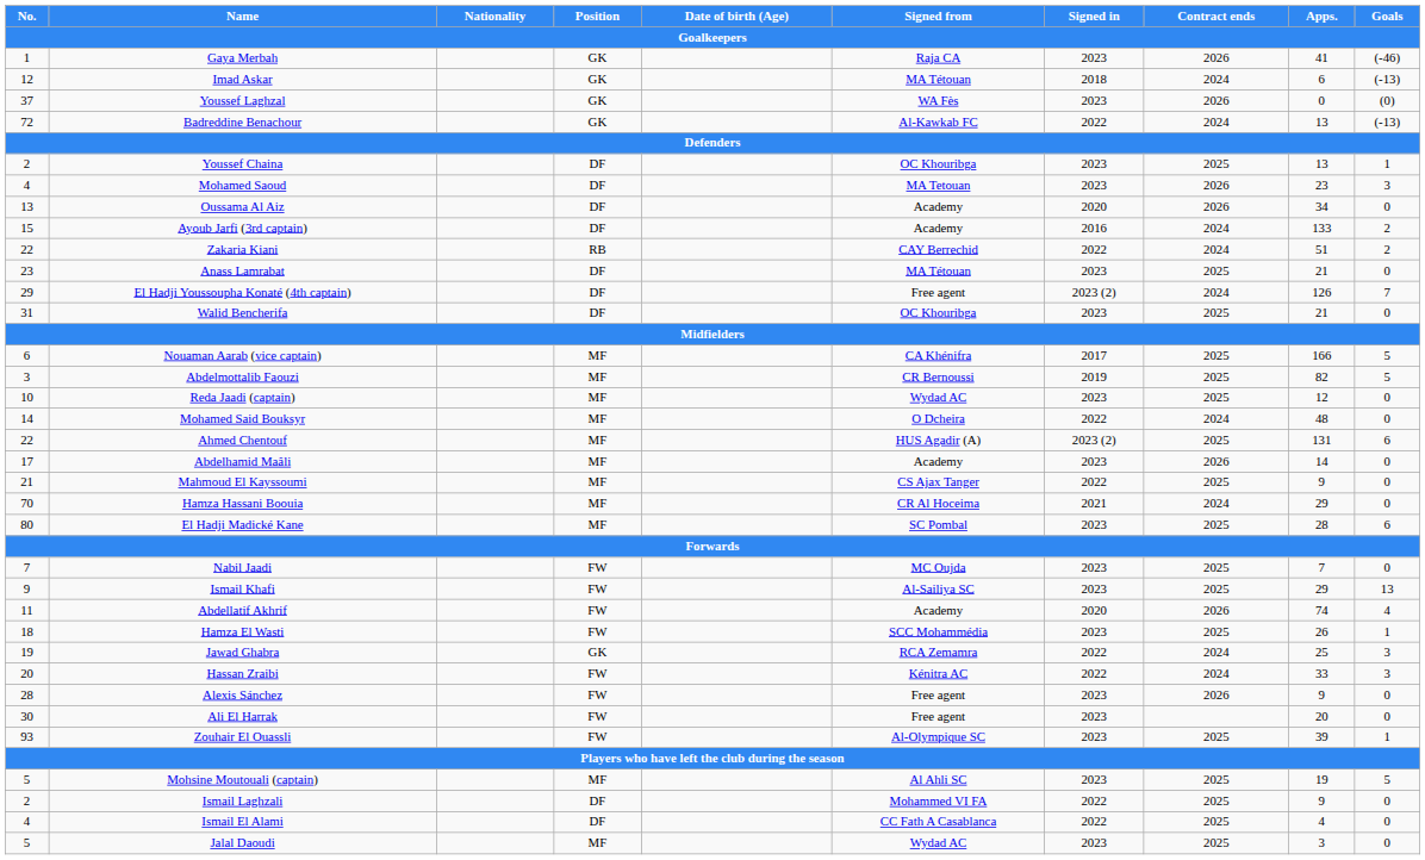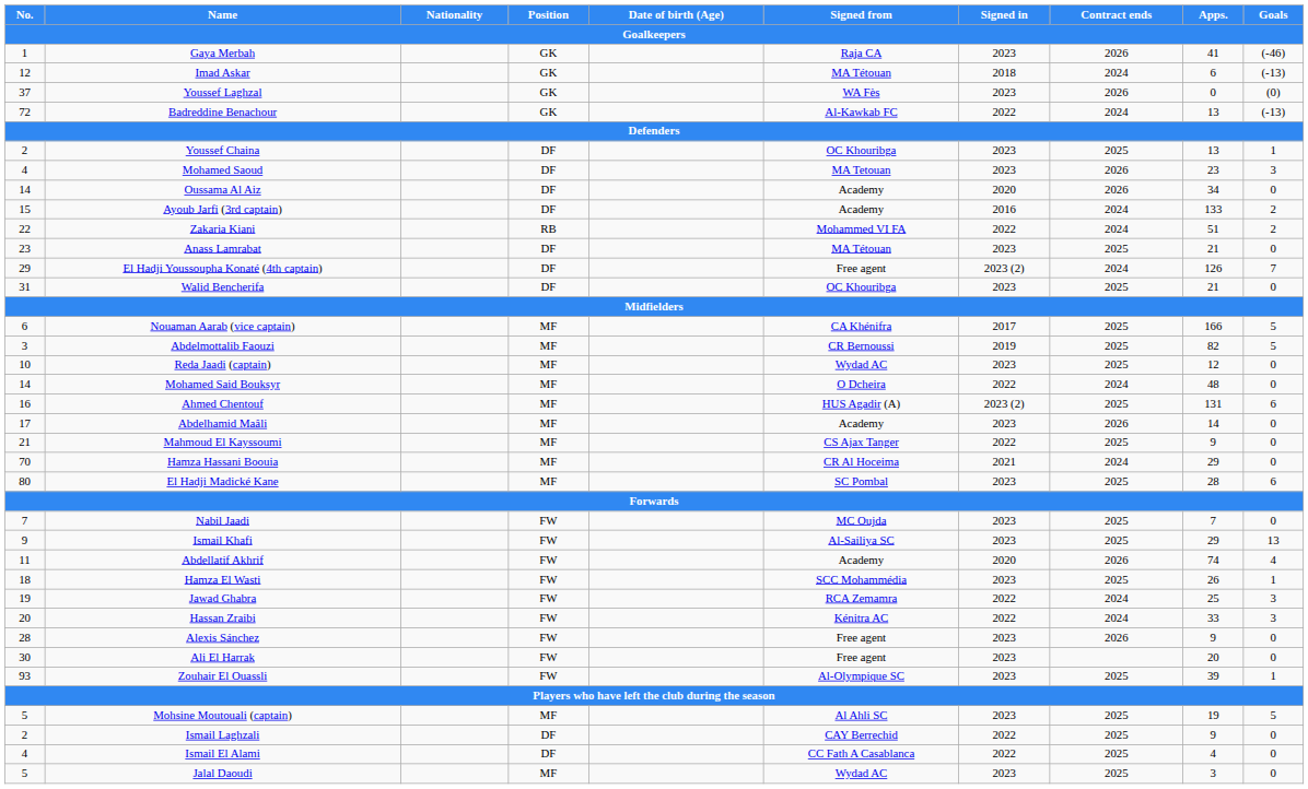 <table class="wikitable sortable"  style="text-align:center; font-size:90%; width:100%;">
 <tr>
 <th style="background:#3088f2; color:#ffffff; ">No.</th>
 <th style="background:#3088f2; color:#ffffff; ">Name</th>
 <th style="background:#3088f2; color:#ffffff; ">Nationality</th>
 <th style="background:#3088f2; color:#ffffff; ">Position</th>
 <th style="background:#3088f2; color:#ffffff; ">Date of birth (Age)</th>
 <th style="background:#3088f2; color:#ffffff; ">Signed from</th>
 <th style="background:#3088f2; color:#ffffff; ">Signed in</th>
 <th style="background:#3088f2; color:#ffffff; ">Contract ends</th>
 <th style="background:#3088f2; color:#ffffff; ">Apps.</th>
 <th style="background:#3088f2; color:#ffffff; ">Goals</th>
 </tr>
 <tr>
 <th colspan="11" style="background:#3088f2; color:#ffffff; ">Goalkeepers</th>
 </tr>
 <tr>
 <td>1</td>
 <td><a href='#'>Gaya Merbah</a></td>
 <td></td>
 <td>GK</td>
 <td></td>
 <td><a href='#'>Raja CA</a></td>
 <td>2023</td>
 <td>2026</td>
 <td>41</td>
 <td>(-46)</td>
 </tr>
 <tr>
 <td>12</td>
 <td><a href='#'>Imad Askar</a></td>
 <td></td>
 <td>GK</td>
 <td></td>
 <td><a href='#'>MA Tétouan</a></td>
 <td>2018</td>
 <td>2024</td>
 <td>6</td>
 <td>(-13)</td>
 </tr>
 <tr>
 <td>37</td>
 <td><a href='#'>Youssef Laghzal</a></td>
 <td></td>
 <td>GK</td>
 <td></td>
 <td><a href='#'>WA Fès</a></td>
 <td>2023</td>
 <td>2026</td>
 <td>0</td>
 <td>(0)</td>
 </tr>
 <tr>
 <td>72</td>
 <td><a href='#'>Badreddine Benachour</a></td>
 <td></td>
 <td>GK</td>
 <td></td>
 <td><a href='#'>Al-Kawkab FC</a></td>
 <td>2022</td>
 <td>2024</td>
 <td>13</td>
 <td>(-13)</td>
 </tr>
 <tr>
 <th colspan="11" style="background:#3088f2; color:#ffffff; ">Defenders</th>
 </tr>
 <tr>
 <td>2</td>
 <td><a href='#'>Youssef Chaina</a></td>
 <td></td>
 <td>DF</td>
 <td></td>
 <td><a href='#'>OC Khouribga</a></td>
 <td>2023</td>
 <td>2025</td>
 <td>13</td>
 <td>1</td>
 </tr>
 <tr>
 <td>4</td>
 <td><a href='#'>Mohamed Saoud</a></td>
 <td></td>
 <td>DF</td>
 <td></td>
 <td><a href='#'>MA Tetouan</a></td>
 <td>2023</td>
 <td>2026</td>
 <td>23</td>
 <td>3</td>
 </tr>
 <tr>
-<td>13</td>
+<td>14</td>
 <td><a href='#'>Oussama Al Aiz</a></td>
 <td></td>
 <td>DF</td>
 <td></td>
 <td>Academy</td>
 <td>2020</td>
 <td>2026</td>
 <td>34</td>
 <td>0</td>
 </tr>
 <tr>
 <td>15</td>
 <td><a href='#'>Ayoub Jarfi</a> (<a href='#'>3rd captain</a>)</td>
 <td></td>
 <td>DF</td>
 <td></td>
 <td>Academy</td>
 <td>2016</td>
 <td>2024</td>
 <td>133</td>
 <td>2</td>
 </tr>
 <tr>
 <td>22</td>
 <td><a href='#'>Zakaria Kiani</a></td>
 <td></td>
 <td>RB</td>
 <td></td>
-<td><a href='#'>CAY Berrechid</a></td>
+<td><a href='#'>Mohammed VI FA</a></td>
 <td>2022</td>
 <td>2024</td>
 <td>51</td>
 <td>2</td>
 </tr>
 <tr>
 <td>23</td>
 <td><a href='#'>Anass Lamrabat</a></td>
 <td></td>
 <td>DF</td>
 <td></td>
 <td><a href='#'>MA Tétouan</a></td>
 <td>2023</td>
 <td>2025</td>
 <td>21</td>
 <td>0</td>
 </tr>
 <tr>
 <td>29</td>
 <td><a href='#'>El Hadji Youssoupha Konaté</a> (<a href='#'>4th captain</a>)</td>
 <td></td>
 <td>DF</td>
 <td></td>
 <td>Free agent</td>
 <td>2023 (2)</td>
 <td>2024</td>
 <td>126</td>
 <td>7</td>
 </tr>
 <tr>
 <td>31</td>
 <td><a href='#'>Walid Bencherifa</a></td>
 <td></td>
 <td>DF</td>
 <td></td>
 <td><a href='#'>OC Khouribga</a></td>
 <td>2023</td>
 <td>2025</td>
 <td>21</td>
 <td>0</td>
 </tr>
 <tr>
 <th colspan="11" style="background:#3088f2; color:#ffffff; ">Midfielders</th>
 </tr>
 <tr>
 <td>6</td>
 <td><a href='#'>Nouaman Aarab</a> (<a href='#'>vice captain</a>)</td>
 <td></td>
 <td>MF</td>
 <td></td>
 <td><a href='#'>CA Khénifra</a></td>
 <td>2017</td>
 <td>2025</td>
 <td>166</td>
 <td>5</td>
 </tr>
 <tr>
 <td>3</td>
 <td><a href='#'>Abdelmottalib Faouzi</a></td>
 <td></td>
 <td>MF</td>
 <td></td>
 <td><a href='#'>CR Bernoussi</a></td>
 <td>2019</td>
 <td>2025</td>
 <td>82</td>
 <td>5</td>
 </tr>
 <tr>
 <td>10</td>
 <td><a href='#'>Reda Jaadi</a> (<a href='#'>captain</a>)</td>
 <td></td>
 <td>MF</td>
 <td></td>
 <td><a href='#'>Wydad AC</a></td>
 <td>2023</td>
 <td>2025</td>
 <td>12</td>
 <td>0</td>
 </tr>
 <tr>
 <td>14</td>
 <td><a href='#'>Mohamed Said Bouksyr</a></td>
 <td></td>
 <td>MF</td>
 <td></td>
 <td><a href='#'>O Dcheira</a></td>
 <td>2022</td>
 <td>2024</td>
 <td>48</td>
 <td>0</td>
 </tr>
 <tr>
-<td>22</td>
+<td>16</td>
 <td><a href='#'>Ahmed Chentouf</a></td>
 <td></td>
 <td>MF</td>
 <td></td>
 <td><a href='#'>HUS Agadir</a> (A)</td>
 <td>2023 (2)</td>
 <td>2025</td>
 <td>131</td>
 <td>6</td>
 </tr>
 <tr>
 <td>17</td>
 <td><a href='#'>Abdelhamid Maâli</a></td>
 <td></td>
 <td>MF</td>
 <td></td>
 <td>Academy</td>
 <td>2023</td>
 <td>2026</td>
 <td>14</td>
 <td>0</td>
 </tr>
 <tr>
 <td>21</td>
 <td><a href='#'>Mahmoud El Kayssoumi</a></td>
 <td></td>
 <td>MF</td>
 <td></td>
 <td><a href='#'>CS Ajax Tanger</a></td>
 <td>2022</td>
 <td>2025</td>
 <td>9</td>
 <td>0</td>
 </tr>
 <tr>
 <td>70</td>
 <td><a href='#'>Hamza Hassani Boouia</a></td>
 <td></td>
 <td>MF</td>
 <td></td>
 <td><a href='#'>CR Al Hoceima</a></td>
 <td>2021</td>
 <td>2024</td>
 <td>29</td>
 <td>0</td>
 </tr>
 <tr>
 <td>80</td>
 <td><a href='#'>El Hadji Madické Kane</a></td>
 <td></td>
 <td>MF</td>
 <td></td>
 <td><a href='#'>SC Pombal</a></td>
 <td>2023</td>
 <td>2025</td>
 <td>28</td>
 <td>6</td>
 </tr>
 <tr>
 <th colspan="11" style="background:#3088f2; color:#ffffff; ">Forwards</th>
 </tr>
 <tr>
 <td>7</td>
 <td><a href='#'>Nabil Jaadi</a></td>
 <td></td>
 <td>FW</td>
 <td></td>
 <td><a href='#'>MC Oujda</a></td>
 <td>2023</td>
 <td>2025</td>
 <td>7</td>
 <td>0</td>
 </tr>
 <tr>
 <td>9</td>
 <td><a href='#'>Ismail Khafi</a></td>
 <td></td>
 <td>FW</td>
 <td></td>
 <td><a href='#'>Al-Sailiya SC</a></td>
 <td>2023</td>
 <td>2025</td>
 <td>29</td>
 <td>13</td>
 </tr>
 <tr>
 <td>11</td>
 <td><a href='#'>Abdellatif Akhrif</a></td>
 <td></td>
 <td>FW</td>
 <td></td>
 <td>Academy</td>
 <td>2020</td>
 <td>2026</td>
 <td>74</td>
 <td>4</td>
 </tr>
 <tr>
 <td>18</td>
 <td><a href='#'>Hamza El Wasti</a></td>
 <td></td>
 <td>FW</td>
 <td></td>
 <td><a href='#'>SCC Mohammédia</a></td>
 <td>2023</td>
 <td>2025</td>
 <td>26</td>
 <td>1</td>
 </tr>
 <tr>
 <td>19</td>
 <td><a href='#'>Jawad Ghabra</a></td>
 <td></td>
-<td>GK</td>
+<td>FW</td>
 <td></td>
 <td><a href='#'>RCA Zemamra</a></td>
 <td>2022</td>
 <td>2024</td>
 <td>25</td>
 <td>3</td>
 </tr>
 <tr>
 <td>20</td>
 <td><a href='#'>Hassan Zraibi</a></td>
 <td></td>
 <td>FW</td>
 <td></td>
 <td><a href='#'>Kénitra AC</a></td>
 <td>2022</td>
 <td>2024</td>
 <td>33</td>
 <td>3</td>
 </tr>
 <tr>
 <td>28</td>
 <td><a href='#'>Alexis Sánchez</a></td>
 <td></td>
 <td>FW</td>
 <td></td>
 <td>Free agent</td>
 <td>2023</td>
 <td>2026</td>
 <td>9</td>
 <td>0</td>
 </tr>
 <tr>
 <td>30</td>
 <td><a href='#'>Ali El Harrak</a></td>
 <td></td>
 <td>FW</td>
 <td></td>
 <td>Free agent</td>
 <td>2023</td>
 <td></td>
 <td>20</td>
 <td>0</td>
 </tr>
 <tr>
 <td>93</td>
 <td><a href='#'>Zouhair El Ouassli</a></td>
 <td></td>
 <td>FW</td>
 <td></td>
 <td><a href='#'>Al-Olympique SC</a></td>
 <td>2023</td>
 <td>2025</td>
 <td>39</td>
 <td>1</td>
 </tr>
 <tr>
 <th colspan="11" style="background:#3088f2; color:#ffffff; ">Players who have left the club during the season</th>
 </tr>
 <tr>
 <td>5</td>
 <td><a href='#'>Mohsine Moutouali</a> (<a href='#'>captain</a>)</td>
 <td></td>
 <td>MF</td>
 <td></td>
 <td><a href='#'>Al Ahli SC</a></td>
 <td>2023</td>
 <td>2025</td>
 <td>19</td>
 <td>5</td>
 </tr>
 <tr>
 <td>2</td>
 <td><a href='#'>Ismail Laghzali</a></td>
 <td></td>
 <td>DF</td>
 <td></td>
-<td><a href='#'>Mohammed VI FA</a></td>
+<td><a href='#'>CAY Berrechid</a></td>
 <td>2022</td>
 <td>2025</td>
 <td>9</td>
 <td>0</td>
 </tr>
 <tr>
 <td>4</td>
 <td><a href='#'>Ismail El Alami</a></td>
 <td></td>
 <td>DF</td>
 <td></td>
 <td><a href='#'>CC Fath A Casablanca</a></td>
 <td>2022</td>
 <td>2025</td>
 <td>4</td>
 <td>0</td>
 </tr>
 <tr>
 <td>5</td>
 <td><a href='#'>Jalal Daoudi</a></td>
 <td></td>
 <td>MF</td>
 <td></td>
 <td><a href='#'>Wydad AC</a></td>
 <td>2023</td>
 <td>2025</td>
 <td>3</td>
 <td>0</td>
 </tr>
 </table>
